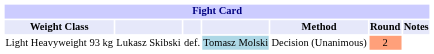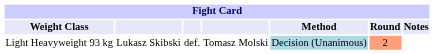 <table class="toccolours" style="font-size: 80%;">
 <tr>
 <th colspan="8" style="background-color: #ccf; color: #000080; text-align: center;"><strong>Fight Card</strong></th>
 </tr>
 <tr>
 <th colspan="1" style="background-color: #E6E8FA; color: #000000; text-align: center;">Weight Class</th>
 <th colspan="1" style="background-color: #E6E8FA; color: #000000; text-align: center;"></th>
 <th colspan="1" style="background-color: #E6E8FA; color: #000000; text-align: center;"></th>
 <th colspan="1" style="background-color: #E6E8FA; color: #000000; text-align: center;"></th>
 <th colspan="1" style="background-color: #E6E8FA; color: #000000; text-align: center;">Method</th>
 <th colspan="1" style="background-color: #E6E8FA; color: #000000; text-align: center;">Round</th>
 <th colspan="1" style="background-color: #E6E8FA; color: #000000; text-align: center;">Notes</th>
 </tr>
 <tr>
 <td>Light Heavyweight 93 kg</td>
 <td>  Lukasz Skibski</td>
 <td align=center>def.</td>
-<td style="background: lightblue;"> Tomasz Molski</td>
-<td>Decision (Unanimous)</td>
+<td> Tomasz Molski</td>
+<td style="background: lightblue;">Decision (Unanimous)</td>
 <td align=center style="background: lightsalmon;">2</td>
 <td></td>
 </tr>
 </table>
